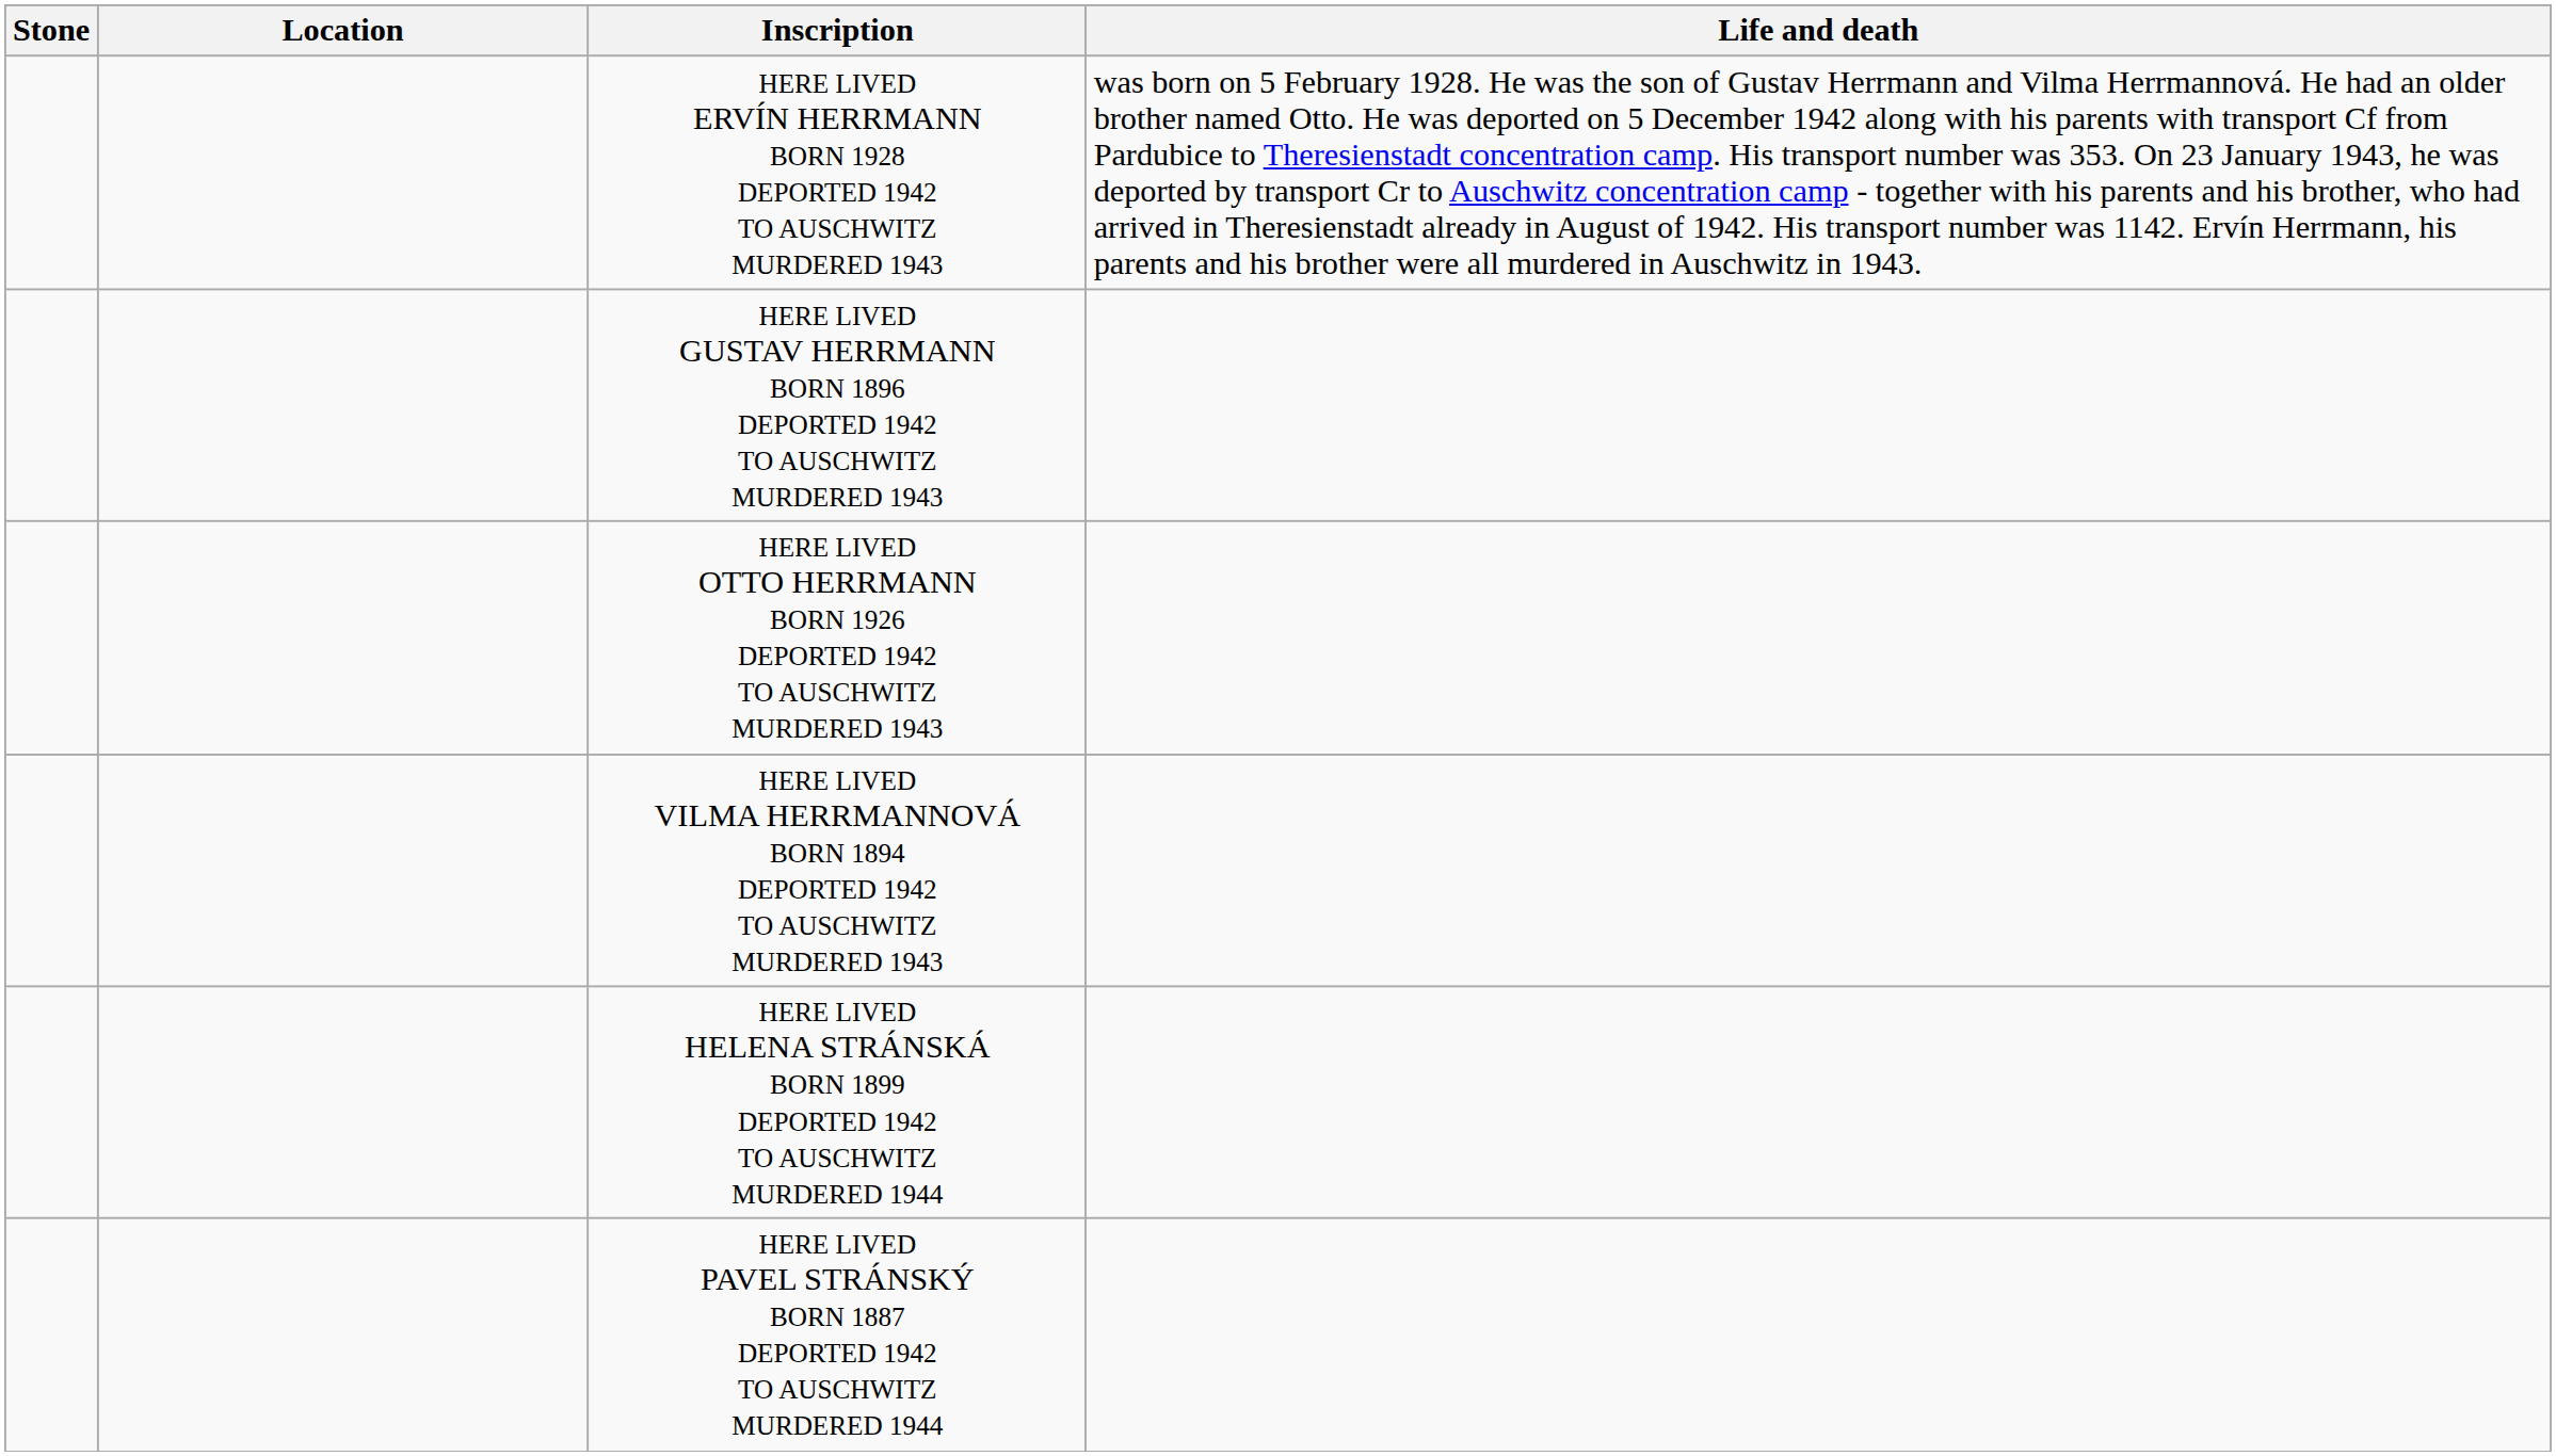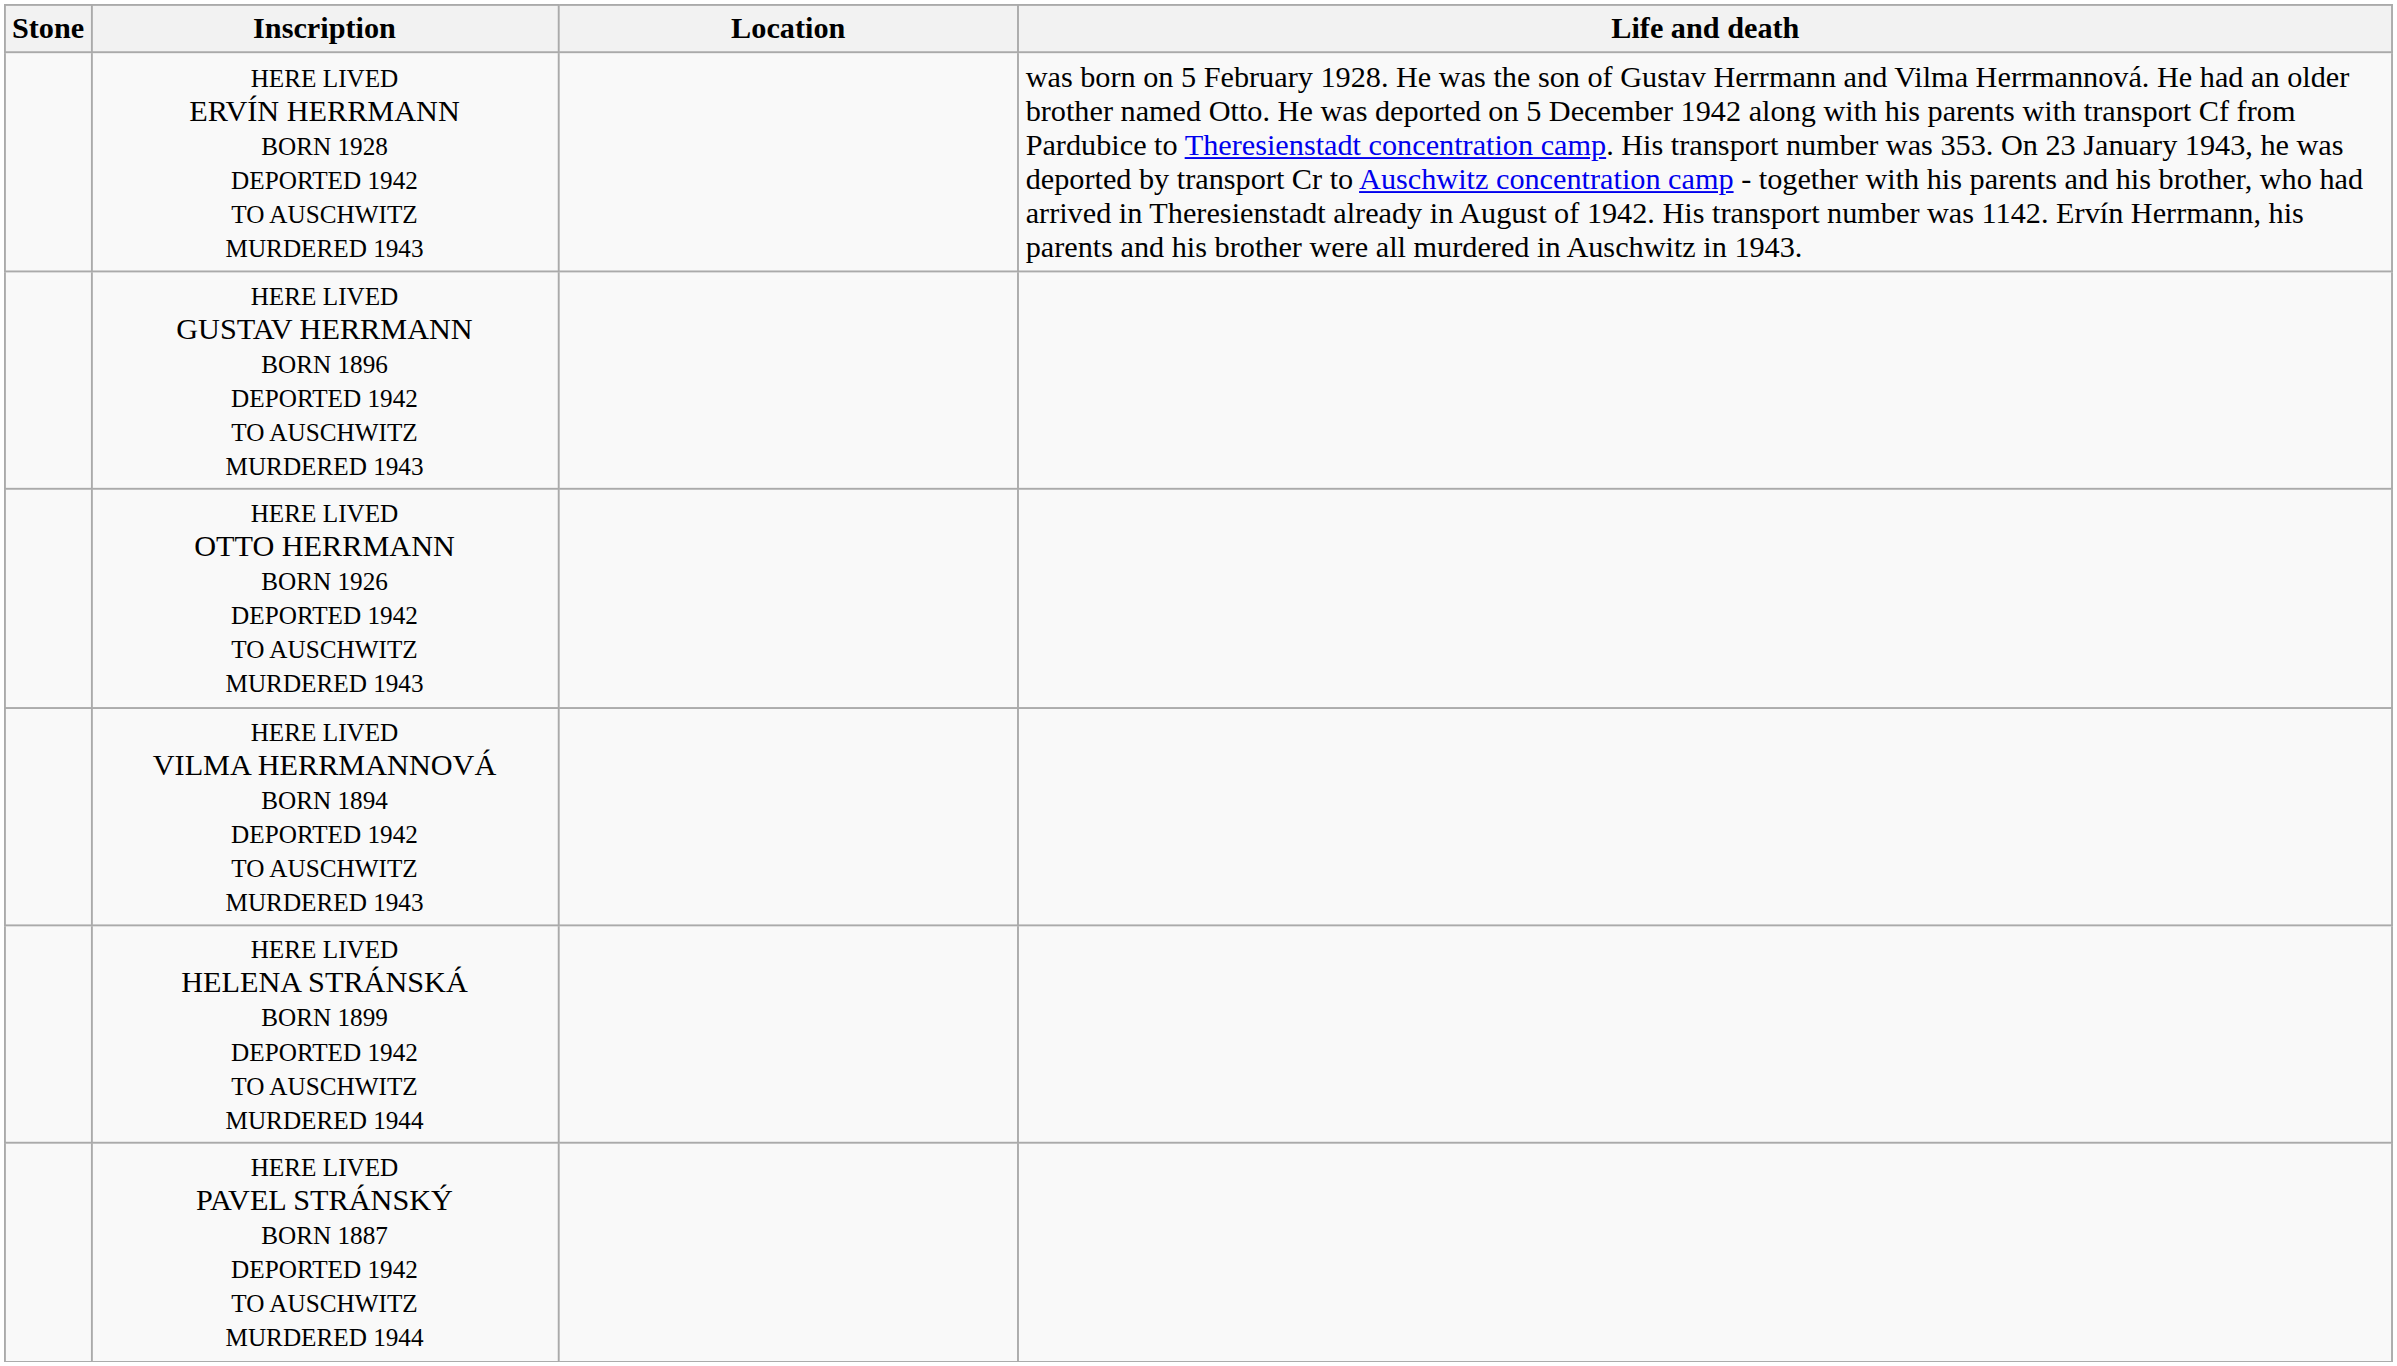 <table class="wikitable sortable toptextcells" style="width:100%">
 <tr>
 <th class="hintergrundfarbe6 unsortable" width="120px">Stone</th>
+<th class="hintergrundfarbe6 unsortable" style ="width:20%;">Inscription</th>
 <th class="hintergrundfarbe6" data-sort-type="text" style ="width:20%;">Location</th>
-<th class="hintergrundfarbe6 unsortable" style ="width:20%;">Inscription</th>
 <th class="hintergrundfarbe6" style="width:100%;">Life and death</th>
 </tr>
 <tr>
 <td></td>
+<td style="text-align:center"><div><small>HERE LIVED</small><br>ERVÍN HERRMANN<br><small>BORN 1928<br>DEPORTED 1942<br>TO AUSCHWITZ<br>MURDERED 1943</small></div></td>
 <td></td>
-<td style="text-align:center"><div><small>HERE LIVED</small><br>ERVÍN HERRMANN<br><small>BORN 1928<br>DEPORTED 1942<br>TO AUSCHWITZ<br>MURDERED 1943</small></div></td>
 <td><strong></strong> was born on 5 February 1928. He was the son of Gustav Herrmann and Vilma Herrmannová. He had an older brother named Otto. He was deported on 5 December 1942 along with his parents with transport Cf from Pardubice to <a href='#'>Theresienstadt concentration camp</a>. His transport number was 353. On 23 January 1943, he was deported by transport Cr to <a href='#'>Auschwitz concentration camp</a> -  together with his parents and his brother, who had arrived in Theresienstadt already in August of 1942. His transport number was 1142. Ervín Herrmann, his parents and his brother were all murdered in Auschwitz in 1943. </td>
 </tr>
 <tr>
 <td></td>
+<td style="text-align:center"><div><small>HERE LIVED</small><br>GUSTAV HERRMANN<br><small>BORN 1896<br>DEPORTED 1942<br>TO AUSCHWITZ<br>MURDERED 1943</small></div></td>
 <td></td>
-<td style="text-align:center"><div><small>HERE LIVED</small><br>GUSTAV HERRMANN<br><small>BORN 1896<br>DEPORTED 1942<br>TO AUSCHWITZ<br>MURDERED 1943</small></div></td>
 <td><strong></strong></td>
 </tr>
 <tr>
 <td></td>
+<td style="text-align:center"><div><small>HERE LIVED</small><br>OTTO HERRMANN<br><small>BORN 1926<br>DEPORTED 1942<br>TO AUSCHWITZ<br>MURDERED 1943</small></div></td>
 <td></td>
-<td style="text-align:center"><div><small>HERE LIVED</small><br>OTTO HERRMANN<br><small>BORN 1926<br>DEPORTED 1942<br>TO AUSCHWITZ<br>MURDERED 1943</small></div></td>
 <td><strong></strong></td>
 </tr>
 <tr>
 <td></td>
+<td style="text-align:center"><div><small>HERE LIVED</small><br>VILMA HERRMANNOVÁ<br><small>BORN 1894<br>DEPORTED 1942<br>TO AUSCHWITZ<br>MURDERED 1943</small></div></td>
 <td></td>
-<td style="text-align:center"><div><small>HERE LIVED</small><br>VILMA HERRMANNOVÁ<br><small>BORN 1894<br>DEPORTED 1942<br>TO AUSCHWITZ<br>MURDERED 1943</small></div></td>
 <td><strong></strong></td>
 </tr>
 <tr>
 <td></td>
+<td style="text-align:center"><div><small>HERE LIVED</small><br>HELENA STRÁNSKÁ<br><small>BORN 1899<br>DEPORTED 1942<br>TO AUSCHWITZ<br>MURDERED 1944</small></div></td>
 <td></td>
-<td style="text-align:center"><div><small>HERE LIVED</small><br>HELENA STRÁNSKÁ<br><small>BORN 1899<br>DEPORTED 1942<br>TO AUSCHWITZ<br>MURDERED 1944</small></div></td>
 <td><strong></strong></td>
 </tr>
 <tr>
 <td></td>
+<td style="text-align:center"><div><small>HERE LIVED</small><br>PAVEL STRÁNSKÝ<br><small>BORN 1887<br>DEPORTED 1942<br>TO AUSCHWITZ<br>MURDERED 1944</small></div></td>
 <td></td>
-<td style="text-align:center"><div><small>HERE LIVED</small><br>PAVEL STRÁNSKÝ<br><small>BORN 1887<br>DEPORTED 1942<br>TO AUSCHWITZ<br>MURDERED 1944</small></div></td>
 <td><strong></strong></td>
 </tr>
 </table>
